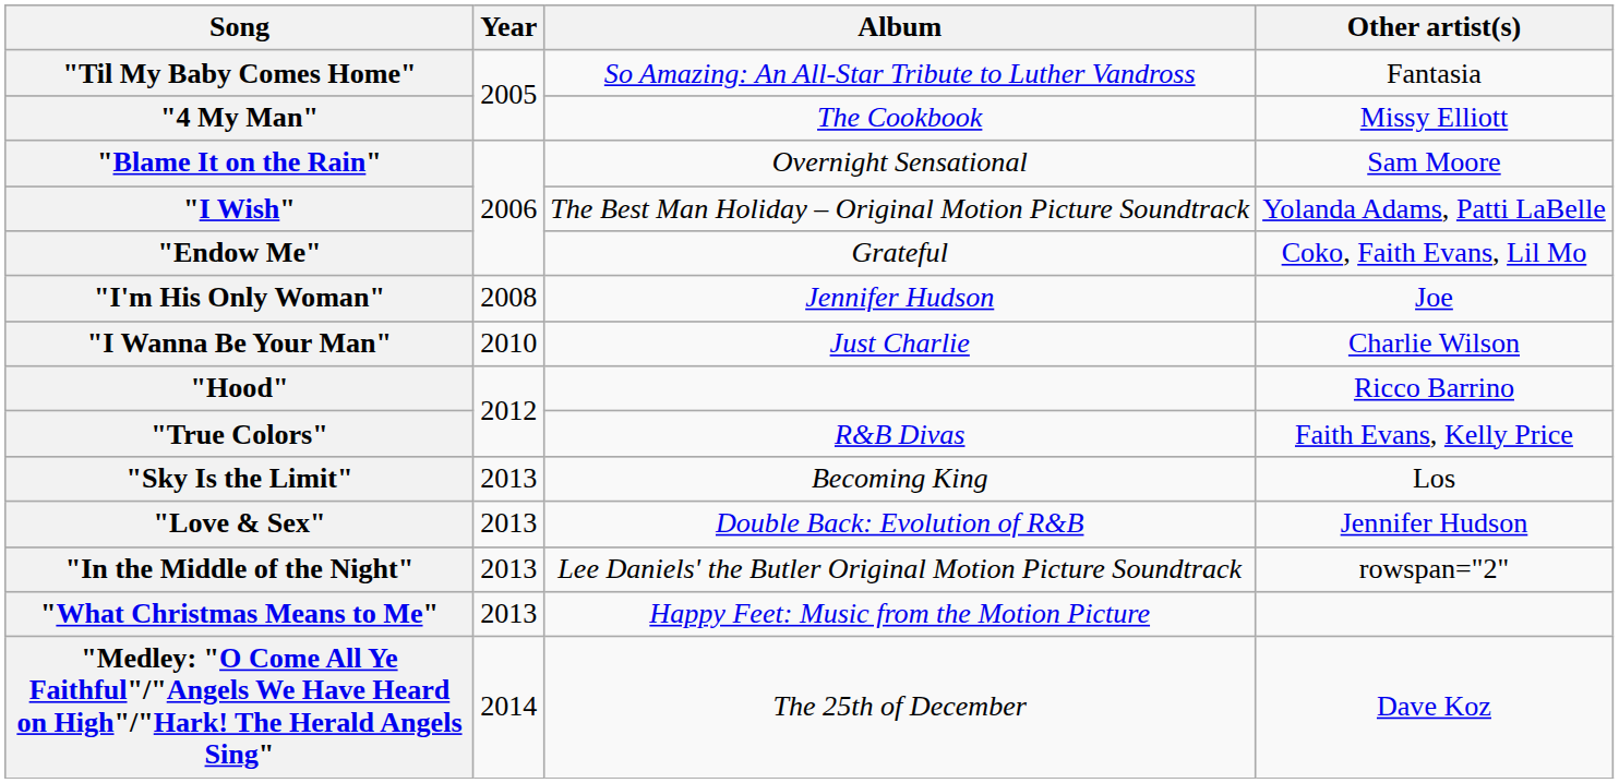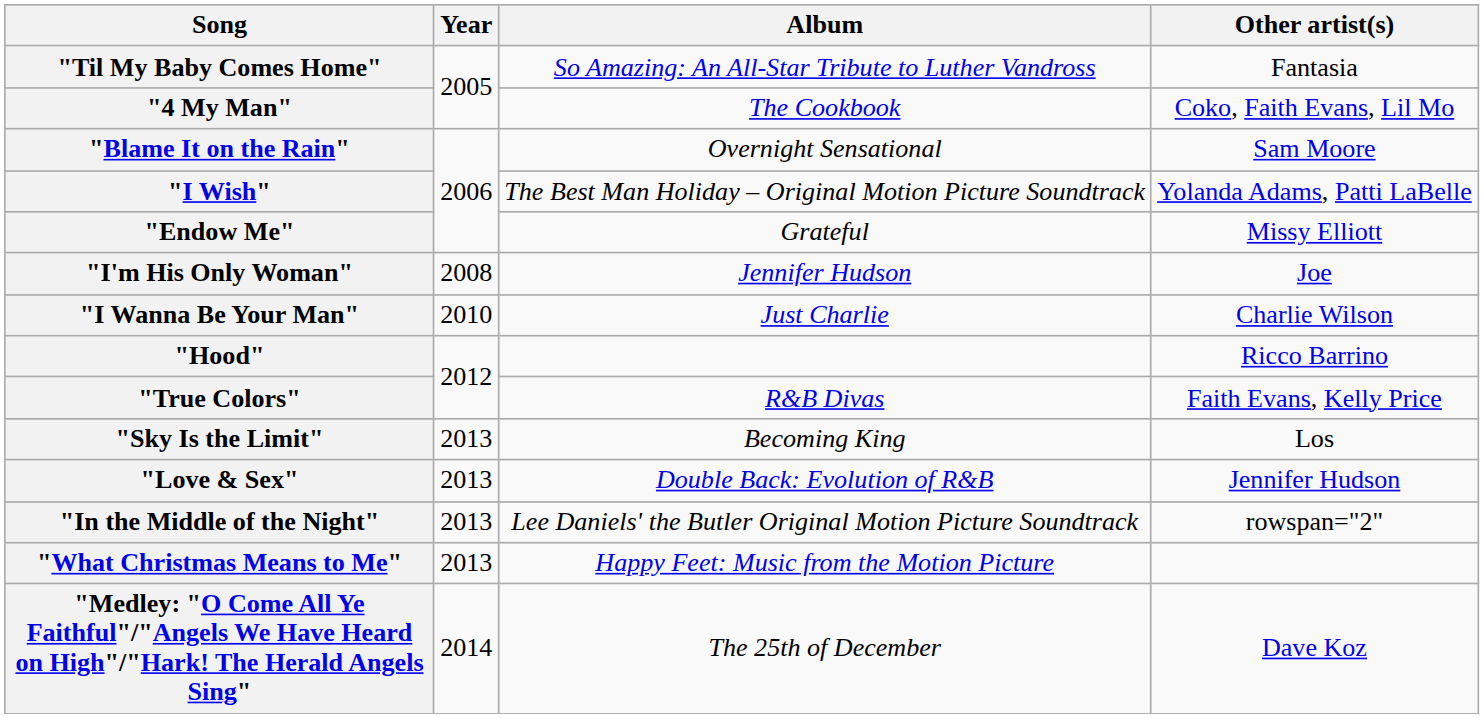 <table class="wikitable plainrowheaders" style="text-align:center;">
 <tr>
 <th scope="col" style="width:16em;">Song</th>
 <th scope="col">Year</th>
 <th scope="col">Album</th>
 <th scope="col">Other artist(s)</th>
 </tr>
 <tr>
 <th scope="row">"Til My Baby Comes Home"</th>
 <td rowspan="2">2005</td>
 <td><em><a href='#'>So Amazing: An All-Star Tribute to Luther Vandross</a></em></td>
 <td>Fantasia</td>
 </tr>
 <tr>
 <th scope="row">"4 My Man"</th>
 <td><em><a href='#'>The Cookbook</a></em></td>
-<td><a href='#'>Missy Elliott</a></td>
+<td><a href='#'>Coko</a>, <a href='#'>Faith Evans</a>, <a href='#'>Lil Mo</a></td>
 </tr>
 <tr>
 <th scope="row">"<a href='#'>Blame It on the Rain</a>"</th>
 <td rowspan="3">2006</td>
 <td><em>Overnight Sensational</em></td>
 <td><a href='#'>Sam Moore</a></td>
 </tr>
 <tr>
 <th scope="row">"<a href='#'>I Wish</a>"</th>
 <td><em>The Best Man Holiday – Original Motion Picture Soundtrack</em></td>
 <td><a href='#'>Yolanda Adams</a>, <a href='#'>Patti LaBelle</a></td>
 </tr>
 <tr>
 <th scope="row">"Endow Me"</th>
 <td><em>Grateful</em></td>
-<td><a href='#'>Coko</a>, <a href='#'>Faith Evans</a>, <a href='#'>Lil Mo</a></td>
+<td><a href='#'>Missy Elliott</a></td>
 </tr>
 <tr>
 <th scope="row">"I'm His Only Woman"</th>
 <td>2008</td>
 <td><em><a href='#'>Jennifer Hudson</a></em></td>
 <td><a href='#'>Joe</a></td>
 </tr>
 <tr>
 <th scope="row">"I Wanna Be Your Man"</th>
 <td>2010</td>
 <td><em><a href='#'>Just Charlie</a></em></td>
 <td><a href='#'>Charlie Wilson</a></td>
 </tr>
 <tr>
 <th scope="row">"Hood"</th>
 <td rowspan="2">2012</td>
 <td></td>
 <td><a href='#'>Ricco Barrino</a></td>
 </tr>
 <tr>
 <th scope="row">"True Colors"</th>
 <td><em><a href='#'>R&B Divas</a></em></td>
 <td><a href='#'>Faith Evans</a>, <a href='#'>Kelly Price</a></td>
 </tr>
 <tr>
 <th scope="row">"Sky Is the Limit"</th>
 <td>2013</td>
 <td><em>Becoming King</em></td>
 <td>Los</td>
 </tr>
 <tr>
 <th scope="row">"Love & Sex"</th>
 <td>2013</td>
 <td><em><a href='#'>Double Back: Evolution of R&B</a></em></td>
 <td><a href='#'>Jennifer Hudson</a></td>
 </tr>
 <tr>
 <th scope="row">"In the Middle of the Night"</th>
 <td>2013</td>
 <td><em>Lee Daniels' the Butler Original Motion Picture Soundtrack</em></td>
 <td>rowspan="2" </td>
 </tr>
 <tr>
 <th scope="row">"<a href='#'>What Christmas Means to Me</a>"</th>
 <td>2013</td>
 <td><em><a href='#'>Happy Feet: Music from the Motion Picture</a></em></td>
 </tr>
 <tr>
 <th scope="row">"Medley: "<a href='#'>O Come All Ye Faithful</a>"/"<a href='#'>Angels We Have Heard on High</a>"/"<a href='#'>Hark! The Herald Angels Sing</a>"</th>
 <td>2014</td>
 <td><em>The 25th of December</em></td>
 <td><a href='#'>Dave Koz</a></td>
 </tr>
 </table>
